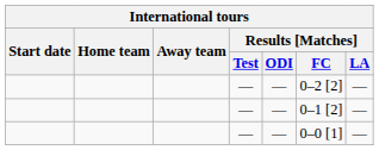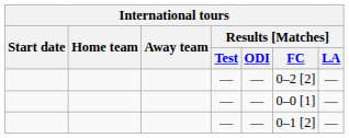 <table class="wikitable">
 <tr>
 <th colspan="7">International tours</th>
 </tr>
 <tr>
 <th rowspan="2">Start date</th>
 <th rowspan="2">Home team</th>
 <th rowspan="2">Away team</th>
 <th colspan="4">Results [Matches]</th>
 </tr>
 <tr>
 <th><a href='#'>Test</a></th>
 <th><a href='#'>ODI</a></th>
 <th><a href='#'>FC</a></th>
 <th><a href='#'>LA</a></th>
 </tr>
 <tr>
 <td><a href='#'></a></td>
 <td></td>
 <td></td>
 <td ; style="text-align:center">—</td>
 <td ; style="text-align:center">—</td>
 <td>0–2 [2]</td>
 <td ; style="text-align:center">—</td>
 </tr>
 <tr>
 <td><a href='#'></a></td>
 <td></td>
 <td></td>
 <td ; style="text-align:center">—</td>
 <td ; style="text-align:center">—</td>
-<td>0–1 [2]</td>
+<td>0–0 [1]</td>
 <td ; style="text-align:center">—</td>
 </tr>
 <tr>
 <td><a href='#'></a></td>
 <td></td>
 <td></td>
 <td ; style="text-align:center">—</td>
 <td ; style="text-align:center">—</td>
-<td>0–0 [1]</td>
+<td>0–1 [2]</td>
 <td ; style="text-align:center">—</td>
 </tr>
 </table>
